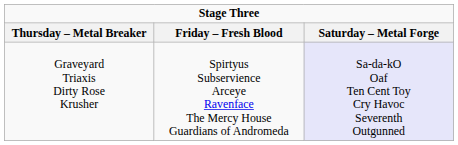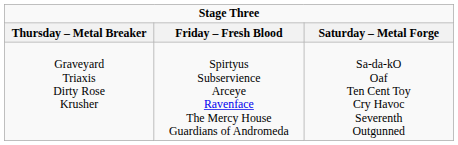 <table class="wikitable">
 <tr>
 <td colspan="3" align="center"><strong>Stage Three</strong></td>
 </tr>
 <tr>
 <th>Thursday – Metal Breaker</th>
 <th>Friday – Fresh Blood</th>
 <th>Saturday – Metal Forge</th>
 </tr>
 <tr>
 <td valign="top" align="center" width=200><br>Graveyard<br> Triaxis<br> Dirty Rose<br> Krusher</td>
 <td valign="top" align="center" width=200><br>Spirtyus<br> Subservience<br> Arceye<br> <a href='#'>Ravenface</a><br> The Mercy House<br> Guardians of Andromeda</td>
-<td valign="top" align="center" width=200 style="background: lavender;"><br>Sa-da-kO<br> Oaf<br> Ten Cent Toy<br> Cry Havoc<br> Severenth<br> Outgunned</td>
+<td valign="top" align="center" width=200><br>Sa-da-kO<br> Oaf<br> Ten Cent Toy<br> Cry Havoc<br> Severenth<br> Outgunned</td>
 </tr>
 </table>
